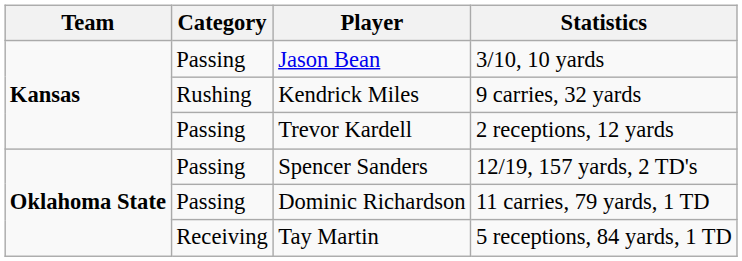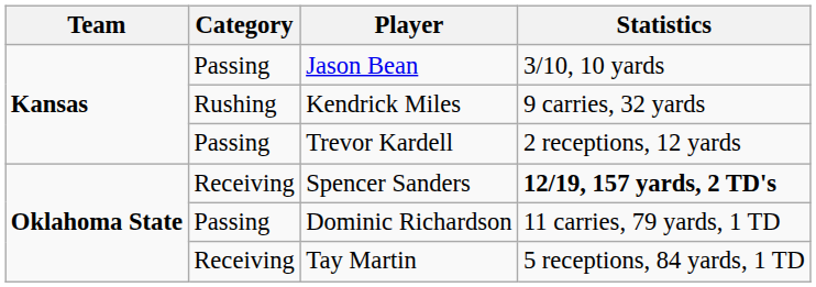 <table class="wikitable" style="float: right;">
 <tr>
 <th>Team</th>
 <th>Category</th>
 <th>Player</th>
 <th>Statistics</th>
 </tr>
 <tr>
 <td rowspan=3><strong>Kansas</strong></td>
 <td>Passing</td>
 <td><a href='#'>Jason Bean</a></td>
 <td>3/10, 10 yards</td>
 </tr>
 <tr>
 <td>Rushing</td>
 <td>Kendrick Miles</td>
 <td>9 carries, 32 yards</td>
 </tr>
 <tr>
 <td>Passing</td>
 <td>Trevor Kardell</td>
 <td>2 receptions, 12 yards</td>
 </tr>
 <tr>
 <td rowspan=3><strong>Oklahoma State</strong></td>
-<td>Passing</td>
+<td>Receiving</td>
 <td>Spencer Sanders</td>
-<td>12/19, 157 yards, 2 TD's</td>
+<td><strong>12/19, 157 yards, 2 TD's</strong></td>
 </tr>
 <tr>
 <td>Passing</td>
 <td>Dominic Richardson</td>
 <td>11 carries, 79 yards, 1 TD</td>
 </tr>
 <tr>
 <td>Receiving</td>
 <td>Tay Martin</td>
 <td>5 receptions, 84 yards, 1 TD</td>
 </tr>
 </table>
